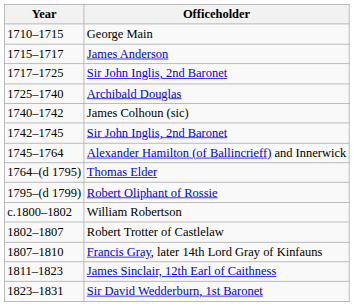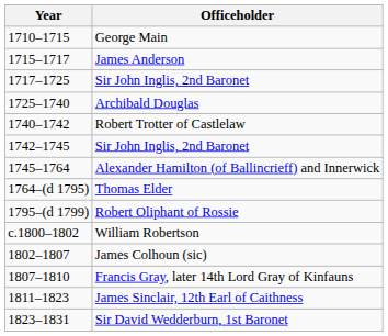 <table class="wikitable">
 <tr>
 <th>Year</th>
 <th>Officeholder</th>
 </tr>
 <tr>
 <td>1710–1715</td>
 <td>George Main</td>
 </tr>
 <tr>
 <td>1715–1717</td>
 <td><a href='#'>James Anderson</a></td>
 </tr>
 <tr>
 <td>1717–1725</td>
 <td><a href='#'>Sir John Inglis, 2nd Baronet</a></td>
 </tr>
 <tr>
 <td>1725–1740</td>
 <td><a href='#'>Archibald Douglas</a></td>
 </tr>
 <tr>
 <td>1740–1742</td>
-<td>James Colhoun (sic)</td>
+<td>Robert Trotter of Castlelaw</td>
 </tr>
 <tr>
 <td>1742–1745</td>
 <td><a href='#'>Sir John Inglis, 2nd Baronet</a></td>
 </tr>
 <tr>
 <td>1745–1764</td>
 <td><a href='#'>Alexander Hamilton (of Ballincrieff)</a> and Innerwick</td>
 </tr>
 <tr>
 <td>1764–(d 1795)</td>
 <td><a href='#'>Thomas Elder</a></td>
 </tr>
 <tr>
 <td>1795–(d 1799)</td>
 <td><a href='#'>Robert Oliphant of Rossie</a></td>
 </tr>
 <tr>
 <td>c.1800–1802</td>
 <td>William Robertson</td>
 </tr>
 <tr>
 <td>1802–1807</td>
-<td>Robert Trotter of Castlelaw</td>
+<td>James Colhoun (sic)</td>
 </tr>
 <tr>
 <td>1807–1810</td>
 <td><a href='#'>Francis Gray</a>, later 14th Lord Gray of Kinfauns</td>
 </tr>
 <tr>
 <td>1811–1823</td>
 <td><a href='#'>James Sinclair, 12th Earl of Caithness</a></td>
 </tr>
 <tr>
 <td>1823–1831</td>
 <td><a href='#'>Sir David Wedderburn, 1st Baronet</a></td>
 </tr>
 </table>
